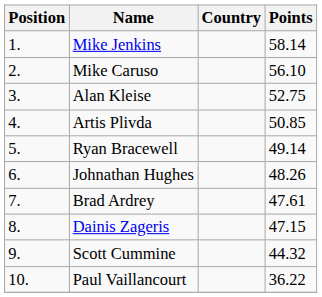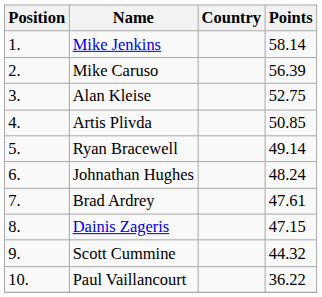 <table class="wikitable sortable" style="display: inline-table">
 <tr>
 <th>Position</th>
 <th>Name</th>
 <th>Country</th>
 <th>Points</th>
 </tr>
 <tr>
 <td>1.</td>
 <td><a href='#'>Mike Jenkins</a></td>
 <td></td>
 <td>58.14</td>
 </tr>
 <tr>
 <td>2.</td>
 <td>Mike Caruso</td>
 <td></td>
-<td>56.10</td>
+<td>56.39</td>
 </tr>
 <tr>
 <td>3.</td>
 <td>Alan Kleise</td>
 <td></td>
 <td>52.75</td>
 </tr>
 <tr>
 <td>4.</td>
 <td>Artis Plivda</td>
 <td></td>
 <td>50.85</td>
 </tr>
 <tr>
 <td>5.</td>
 <td>Ryan Bracewell</td>
 <td></td>
 <td>49.14</td>
 </tr>
 <tr>
 <td>6.</td>
 <td>Johnathan Hughes</td>
 <td></td>
-<td>48.26</td>
+<td>48.24</td>
 </tr>
 <tr>
 <td>7.</td>
 <td>Brad Ardrey</td>
 <td></td>
 <td>47.61</td>
 </tr>
 <tr>
 <td>8.</td>
 <td><a href='#'>Dainis Zageris</a></td>
 <td></td>
 <td>47.15</td>
 </tr>
 <tr>
 <td>9.</td>
 <td>Scott Cummine</td>
 <td></td>
 <td>44.32</td>
 </tr>
 <tr>
 <td>10.</td>
 <td>Paul Vaillancourt</td>
 <td></td>
 <td>36.22</td>
 </tr>
 <tr>
 </tr>
 </table>
